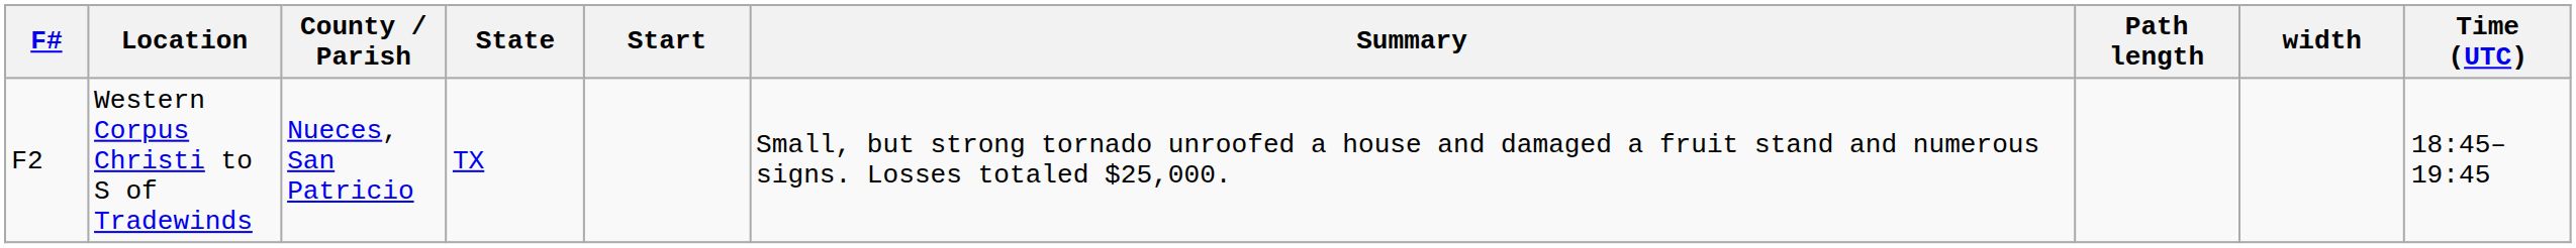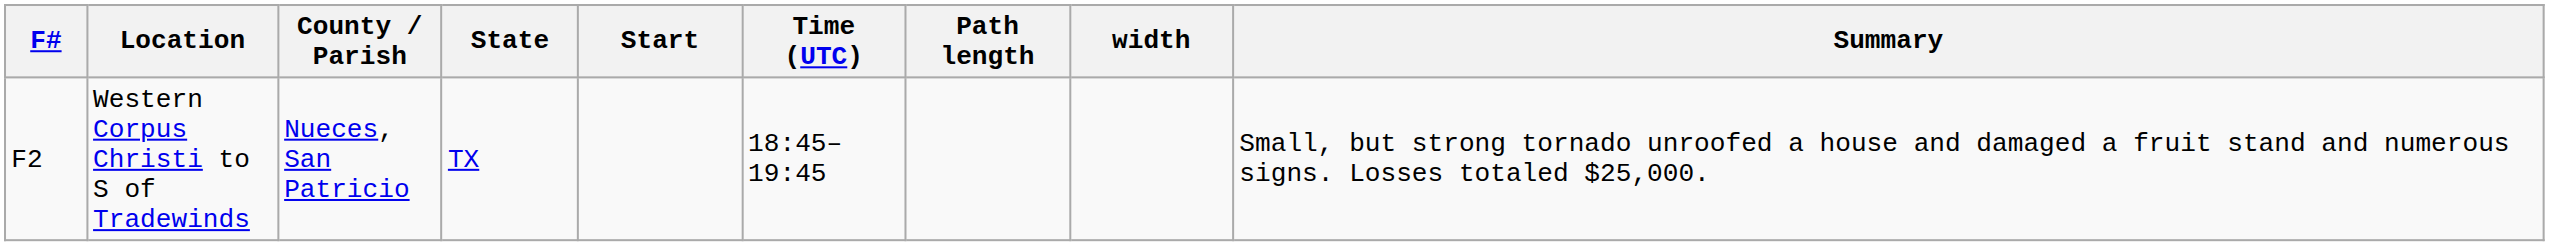 <table class="wikitable sortable" style="width:100%;">
 <tr>
 <th scope="col"  style="width:3%; text-align:center;"><a href='#'>F#</a></th>
 <th scope="col"  style="width:7%; text-align:center;" class="unsortable">Location</th>
 <th scope="col"  style="width:6%; text-align:center;" class="unsortable">County / Parish</th>
 <th scope="col"  style="width:5%; text-align:center;">State</th>
 <th scope="col"  style="width:6%; text-align:center;">Start<br></th>
-<th scope="col" class="unsortable" style="width:48%; text-align:center;">Summary</th>
+<th scope="col"  style="width:6%; text-align:center;">Time (<a href='#'>UTC</a>)</th>
 <th scope="col"  style="width:6%; text-align:center;">Path length</th>
 <th scope="col"  style="width:6%; text-align:center;"> width</th>
-<th scope="col"  style="width:6%; text-align:center;">Time (<a href='#'>UTC</a>)</th>
+<th scope="col" class="unsortable" style="width:48%; text-align:center;">Summary</th>
 </tr>
 <tr>
 <td>F2</td>
 <td>Western <a href='#'>Corpus Christi</a> to S of <a href='#'>Tradewinds</a></td>
 <td><a href='#'>Nueces</a>, <a href='#'>San Patricio</a></td>
 <td><a href='#'>TX</a></td>
 <td></td>
-<td>Small, but strong tornado unroofed a house and damaged a fruit stand and numerous signs. Losses totaled $25,000.</td>
+<td>18:45–19:45</td>
 <td></td>
 <td></td>
-<td>18:45–19:45</td>
+<td>Small, but strong tornado unroofed a house and damaged a fruit stand and numerous signs. Losses totaled $25,000.</td>
 </tr>
 </table>
